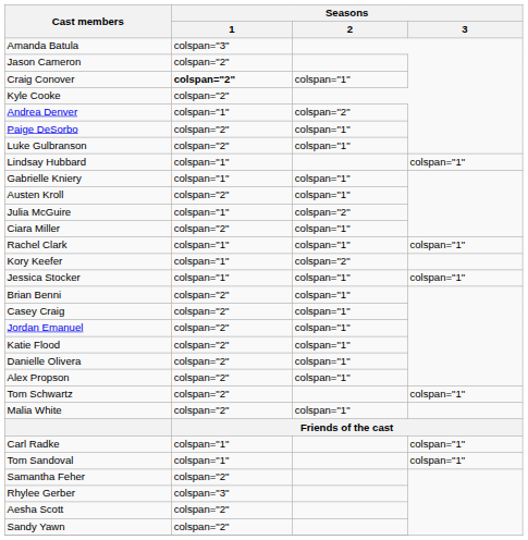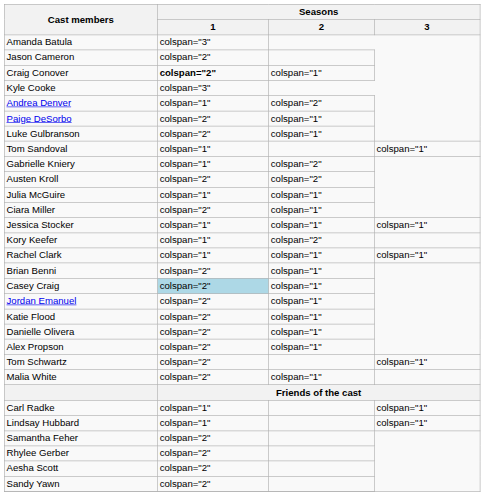 <table class="wikitable plainrowheaders" width="40%">
 <tr>
 <th rowspan="2" style="width:10%;">Cast members</th>
 <th colspan="3">Seasons</th>
 </tr>
 <tr>
 <th style="width:10%;">1</th>
 <th style="width:10%;">2</th>
 <th style="width:10%;">3</th>
 </tr>
 <tr>
 <td>Amanda Batula</td>
 <td>colspan="3" </td>
 </tr>
 <tr>
 <td>Jason Cameron</td>
 <td>colspan="2" </td>
 <td></td>
 </tr>
 <tr>
 <td>Craig Conover</td>
 <td><strong>colspan="2" </strong></td>
 <td>colspan="1" </td>
 </tr>
 <tr>
 <td>Kyle Cooke</td>
-<td>colspan="2" </td>
+<td>colspan="3" </td>
 </tr>
 <tr>
 <td><a href='#'>Andrea Denver</a></td>
 <td>colspan="1" </td>
 <td>colspan="2" </td>
 </tr>
 <tr>
 <td><a href='#'>Paige DeSorbo</a></td>
 <td>colspan="2" </td>
 <td>colspan="1" </td>
 </tr>
 <tr>
 <td nowrap>Luke Gulbranson</td>
 <td>colspan="2" </td>
 <td>colspan="1" </td>
 </tr>
 <tr>
-<td>Lindsay Hubbard</td>
+<td>Tom Sandoval</td>
 <td>colspan="1" </td>
 <td></td>
 <td>colspan="1" </td>
 </tr>
 <tr>
 <td>Gabrielle Kniery</td>
 <td>colspan="1" </td>
-<td>colspan="1" </td>
+<td>colspan="2" </td>
 </tr>
 <tr>
 <td>Austen Kroll</td>
 <td>colspan="2" </td>
-<td>colspan="1" </td>
+<td>colspan="2" </td>
 </tr>
 <tr>
 <td>Julia McGuire</td>
 <td>colspan="1" </td>
-<td>colspan="2" </td>
+<td>colspan="1" </td>
 </tr>
 <tr>
 <td>Ciara Miller</td>
 <td>colspan="2" </td>
 <td>colspan="1" </td>
 </tr>
 <tr>
-<td>Rachel Clark</td>
+<td>Jessica Stocker</td>
 <td>colspan="1" </td>
 <td>colspan="1" </td>
 <td>colspan="1" </td>
 </tr>
 <tr>
 <td>Kory Keefer</td>
 <td>colspan="1" </td>
 <td>colspan="2" </td>
 </tr>
 <tr>
-<td>Jessica Stocker</td>
+<td>Rachel Clark</td>
 <td>colspan="1" </td>
 <td>colspan="1" </td>
 <td>colspan="1" </td>
 </tr>
 <tr>
 <td>Brian Benni</td>
 <td>colspan="2" </td>
 <td>colspan="1" </td>
 </tr>
 <tr>
 <td>Casey Craig</td>
-<td>colspan="2" </td>
+<td style="background: lightblue;">colspan="2" </td>
 <td>colspan="1" </td>
 </tr>
 <tr>
 <td><a href='#'>Jordan Emanuel</a></td>
 <td>colspan="2" </td>
 <td>colspan="1" </td>
 </tr>
 <tr>
 <td nowrap>Katie Flood</td>
 <td>colspan="2" </td>
 <td>colspan="1" </td>
 </tr>
 <tr>
 <td>Danielle Olivera</td>
 <td>colspan="2" </td>
 <td>colspan="1" </td>
 </tr>
 <tr>
 <td>Alex Propson</td>
 <td>colspan="2" </td>
 <td>colspan="1" </td>
 </tr>
 <tr>
 <td>Tom Schwartz</td>
 <td>colspan="2" </td>
 <td></td>
 <td>colspan="1" </td>
 </tr>
 <tr>
 <td>Malia White</td>
 <td>colspan="2" </td>
 <td>colspan="1" </td>
 </tr>
 <tr>
 <th rowspan="1" style="width:15%;"></th>
 <th colspan="3">Friends of the cast</th>
 </tr>
 <tr>
 <td>Carl Radke</td>
 <td>colspan="1" </td>
 <td></td>
 <td>colspan="1" </td>
 </tr>
 <tr>
-<td>Tom Sandoval</td>
+<td>Lindsay Hubbard</td>
 <td>colspan="1" </td>
 <td></td>
 <td>colspan="1" </td>
 </tr>
 <tr>
 <td>Samantha Feher</td>
 <td>colspan="2" </td>
 <td></td>
 </tr>
 <tr>
 <td>Rhylee Gerber</td>
-<td>colspan="3" </td>
+<td>colspan="2" </td>
 <td></td>
 </tr>
 <tr>
 <td>Aesha Scott</td>
 <td>colspan="2" </td>
 <td></td>
 </tr>
 <tr>
 <td>Sandy Yawn</td>
 <td>colspan="2" </td>
 <td></td>
 </tr>
 <tr>
 </tr>
 </table>
